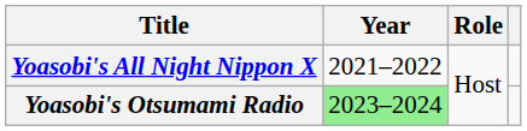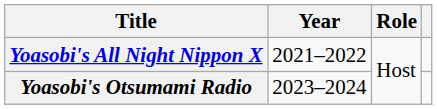 <table class="wikitable plainrowheaders">
 <tr>
 <th scope="col">Title</th>
 <th scope="col">Year</th>
 <th scope="col">Role</th>
 <th scope="col"></th>
 </tr>
 <tr>
 <th scope="row"><em><a href='#'>Yoasobi's All Night Nippon X</a></em></th>
 <td>2021–2022</td>
 <td rowspan="2">Host</td>
 <td style="text-align:center"></td>
 </tr>
 <tr>
 <th scope="row"><em>Yoasobi's Otsumami Radio</em></th>
-<td style="background: lightgreen;">2023–2024</td>
+<td>2023–2024</td>
 <td style="text-align:center"></td>
 </tr>
 </table>
